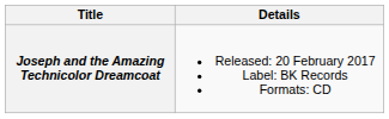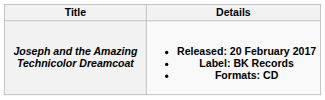 <table class="wikitable plainrowheaders" style="text-align:center;" border="1">
 <tr>
 <th scope="col" style="width:13em;">Title</th>
 <th scope="col" style="width:16em;">Details</th>
 </tr>
 <tr>
 <th scope="row"><em>Joseph and the Amazing<br>Technicolor Dreamcoat</em></th>
-<td><br><ul><li>Released: 20 February 2017</li><li>Label: BK Records</li><li>Formats: CD</li></ul></td>
+<td><strong><br><ul><li>Released: 20 February 2017</li><li>Label: BK Records</li><li>Formats: CD</li></ul></strong></td>
 </tr>
 </table>
